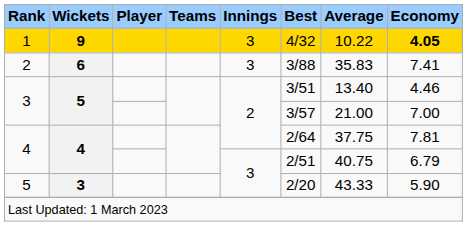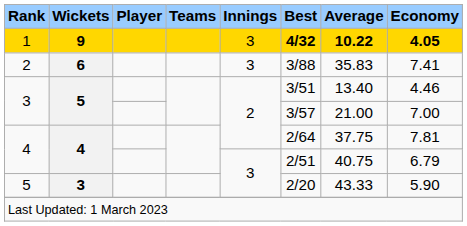 <table class="wikitable plainrowheaders sortable">
 <tr>
 <th scope=col style="background:#9cf;">Rank</th>
 <th scope=col style="background:#9cf;">Wickets</th>
 <th scope=col style="background:#9cf;">Player</th>
 <th scope=col style="background:#9cf;">Teams</th>
 <th scope=col style="background:#9cf;">Innings</th>
 <th scope=col style="background:#9cf;">Best</th>
 <th scope=col style="background:#9cf;">Average</th>
 <th scope=col style="background:#9cf;">Economy</th>
 </tr>
 <tr>
 <td style="text-align:center; background:gold;">1</td>
 <th scope="row"  style="text-align:center; background:gold;"><strong>9</strong></th>
 <td style="background:gold;"></td>
 <td style="text-align:center; background:gold;"></td>
 <td style="text-align:center; background:gold;">3</td>
-<td style="text-align:center; background:gold;">4/32</td>
-<td style="text-align:center; background:gold;">10.22</td>
+<td style="text-align:center; background:gold;"><strong>4/32</strong></td>
+<td style="text-align:center; background:gold;"><strong>10.22</strong></td>
 <td style="text-align:center; background:gold;"><strong>4.05</strong></td>
 </tr>
 <tr>
 <td align=center>2</td>
 <th scope=row style=text-align:center;><strong>6</strong></th>
 <td></td>
 <td align=center></td>
 <td align=center>3</td>
 <td align=center>3/88</td>
 <td align=center>35.83</td>
 <td align=center>7.41</td>
 </tr>
 <tr>
 <td align=center rowspan=2>3</td>
 <th scope=row style=text-align:center; rowspan=2><strong>5</strong></th>
 <td></td>
 <td align=center rowspan=2></td>
 <td align=center rowspan=3>2</td>
 <td align=center>3/51</td>
 <td align=center>13.40</td>
 <td align=center>4.46</td>
 </tr>
 <tr>
 <td></td>
 <td align=center>3/57</td>
 <td align=center>21.00</td>
 <td align=center>7.00</td>
 </tr>
 <tr>
 <td align=center rowspan=2>4</td>
 <th scope=row style=text-align:center; rowspan=2><strong>4</strong></th>
 <td></td>
 <td align=center rowspan=2></td>
 <td align=center>2/64</td>
 <td align=center>37.75</td>
 <td align=center>7.81</td>
 </tr>
 <tr>
 <td></td>
 <td align=center rowspan=2>3</td>
 <td align=center>2/51</td>
 <td align=center>40.75</td>
 <td align=center>6.79</td>
 </tr>
 <tr>
 <td align=center>5</td>
 <th scope=row style=text-align:center;><strong>3</strong></th>
 <td></td>
 <td align=center></td>
 <td align=center>2/20</td>
 <td align=center>43.33</td>
 <td align=center>5.90</td>
 </tr>
 <tr>
 </tr>
 <tr class=sortbottom>
 <td colspan=9><small>Last Updated: 1 March 2023</small></td>
 </tr>
 </table>
